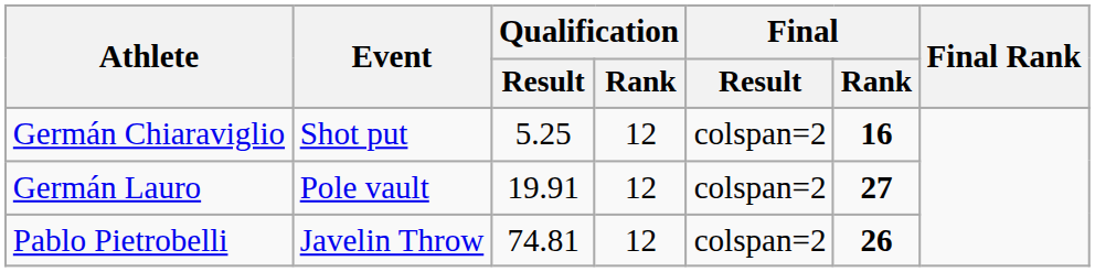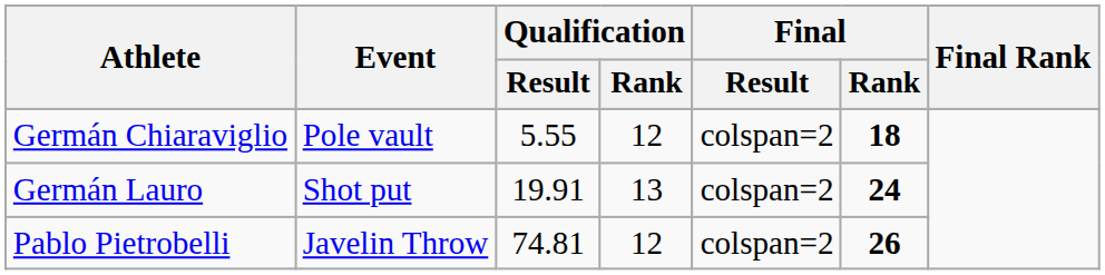 <table class="wikitable" style="font-size:90%">
 <tr>
 <th rowspan="2">Athlete</th>
 <th rowspan="2">Event</th>
 <th colspan="2">Qualification</th>
 <th colspan="2">Final</th>
 <th colspan="2" rowspan="2">Final Rank</th>
 </tr>
 <tr style="font-size:95%">
 <th>Result</th>
 <th>Rank</th>
 <th>Result</th>
 <th>Rank</th>
 </tr>
 <tr align=center>
 <td align=left><a href='#'>Germán Chiaraviglio</a></td>
-<td align=left><a href='#'>Shot put</a></td>
-<td>5.25</td>
+<td align=left><a href='#'>Pole vault</a></td>
+<td>5.55</td>
 <td>12</td>
 <td>colspan=2 </td>
-<td><strong>16</strong></td>
+<td><strong>18</strong></td>
 </tr>
 <tr align=center>
 <td align=left><a href='#'>Germán Lauro</a></td>
-<td align=left><a href='#'>Pole vault</a></td>
+<td align=left><a href='#'>Shot put</a></td>
 <td>19.91</td>
-<td>12</td>
+<td>13</td>
 <td>colspan=2 </td>
-<td><strong>27</strong></td>
+<td><strong>24</strong></td>
 </tr>
 <tr align=center>
 <td align=left><a href='#'>Pablo Pietrobelli</a></td>
 <td align=left><a href='#'>Javelin Throw</a></td>
 <td>74.81</td>
 <td>12</td>
 <td>colspan=2 </td>
 <td><strong>26</strong></td>
 </tr>
 </table>
